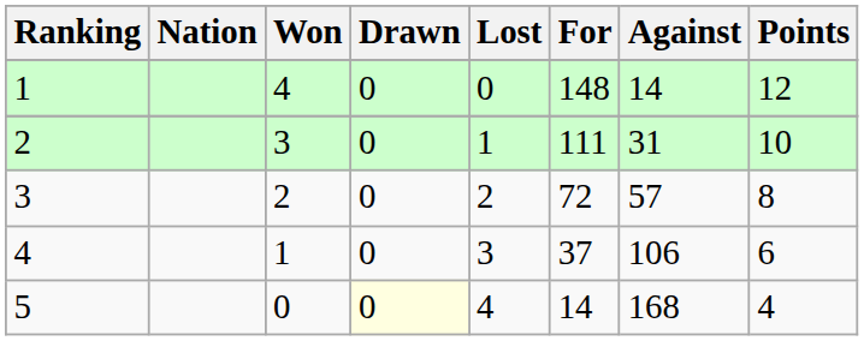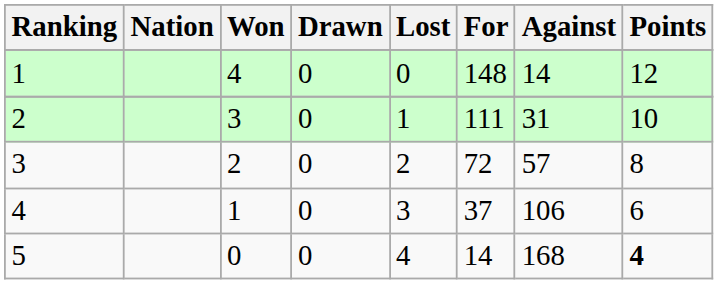 <table class="wikitable">
 <tr>
 <th>Ranking</th>
 <th>Nation</th>
 <th>Won</th>
 <th>Drawn</th>
 <th>Lost</th>
 <th>For</th>
 <th>Against</th>
 <th>Points</th>
 </tr>
 <tr>
 </tr>
 <tr style="background:#ccffcc">
 <td>1</td>
 <td></td>
 <td>4</td>
 <td>0</td>
 <td>0</td>
 <td>148</td>
 <td>14</td>
 <td>12</td>
 </tr>
 <tr>
 </tr>
 <tr style="background:#ccffcc">
 <td>2</td>
 <td></td>
 <td>3</td>
 <td>0</td>
 <td>1</td>
 <td>111</td>
 <td>31</td>
 <td>10</td>
 </tr>
 <tr>
 <td>3</td>
 <td></td>
 <td>2</td>
 <td>0</td>
 <td>2</td>
 <td>72</td>
 <td>57</td>
 <td>8</td>
 </tr>
 <tr>
 <td>4</td>
 <td></td>
 <td>1</td>
 <td>0</td>
 <td>3</td>
 <td>37</td>
 <td>106</td>
 <td>6</td>
 </tr>
 <tr>
 <td>5</td>
 <td></td>
 <td>0</td>
-<td style="background: lightyellow;">0</td>
+<td>0</td>
 <td>4</td>
 <td>14</td>
 <td>168</td>
-<td>4</td>
+<td><strong>4</strong></td>
 </tr>
 </table>
